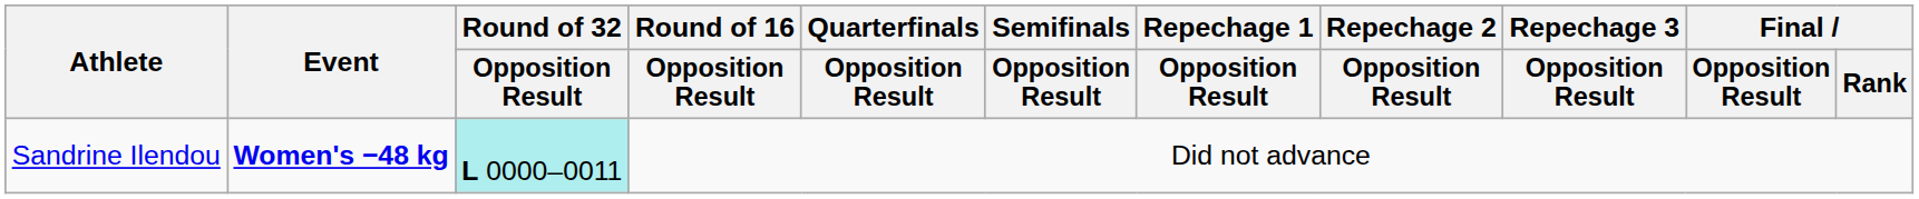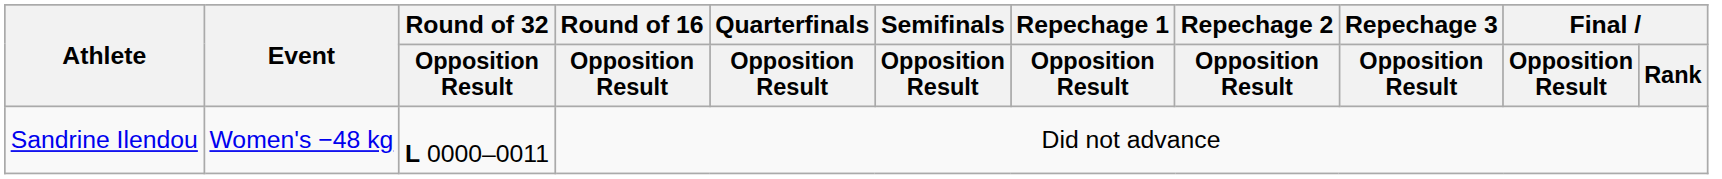 <table class="wikitable" style="font-size:90%">
 <tr>
 <th rowspan="2">Athlete</th>
 <th rowspan="2">Event</th>
 <th>Round of 32</th>
 <th>Round of 16</th>
 <th>Quarterfinals</th>
 <th>Semifinals</th>
 <th>Repechage 1</th>
 <th>Repechage 2</th>
 <th>Repechage 3</th>
 <th colspan=2>Final / </th>
 </tr>
 <tr style="font-size:95%">
 <th>Opposition<br>Result</th>
 <th>Opposition<br>Result</th>
 <th>Opposition<br>Result</th>
 <th>Opposition<br>Result</th>
 <th>Opposition<br>Result</th>
 <th>Opposition<br>Result</th>
 <th>Opposition<br>Result</th>
 <th>Opposition<br>Result</th>
 <th>Rank</th>
 </tr>
 <tr align=center>
 <td align=left><a href='#'>Sandrine Ilendou</a></td>
-<td align=left><strong><a href='#'>Women's −48 kg</a></strong></td>
-<td style="background: paleturquoise;"><br><strong>L</strong> 0000–0011</td>
+<td align=left><a href='#'>Women's −48 kg</a></td>
+<td><br><strong>L</strong> 0000–0011</td>
 <td colspan=8>Did not advance</td>
 </tr>
 </table>
